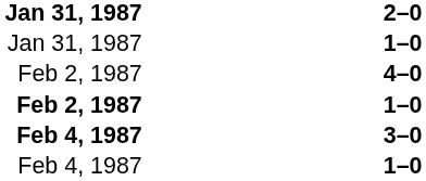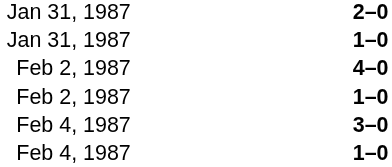 <table width=100% cellspacing=1 style=font-size:90%>
 <tr>
 <th width=120></th>
 <th width=120></th>
 <th width=70></th>
 <th width=120></th>
 <th></th>
 </tr>
 <tr>
-<td align=right><strong>Jan 31, 1987</strong></td>
+<td align=right>Jan 31, 1987</td>
 <td align=right><strong></strong></td>
 <td align=center><strong>2–0</strong></td>
 <td><strong></strong></td>
 </tr>
 <tr>
 <td align=right>Jan 31, 1987</td>
 <td align=right><strong></strong></td>
 <td align=center><strong>1–0</strong></td>
 <td><strong></strong></td>
 </tr>
 <tr>
 <td align=right>Feb 2, 1987</td>
 <td align=right><strong></strong></td>
 <td align=center><strong>4–0</strong></td>
 <td><strong></strong></td>
 </tr>
 <tr>
-<td align=right><strong>Feb 2, 1987</strong></td>
+<td align=right>Feb 2, 1987</td>
 <td align=right><strong></strong></td>
 <td align=center><strong>1–0</strong></td>
 <td><strong></strong></td>
 </tr>
 <tr>
-<td align=right><strong>Feb 4, 1987</strong></td>
+<td align=right>Feb 4, 1987</td>
 <td align=right><strong></strong></td>
 <td align=center><strong>3–0</strong></td>
 <td><strong></strong></td>
 </tr>
 <tr>
 <td align=right>Feb 4, 1987</td>
 <td align=right><strong></strong></td>
 <td align=center><strong>1–0</strong></td>
 <td><strong></strong></td>
 </tr>
 </table>
